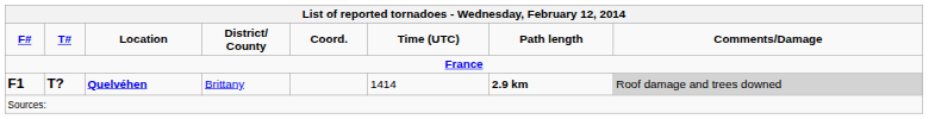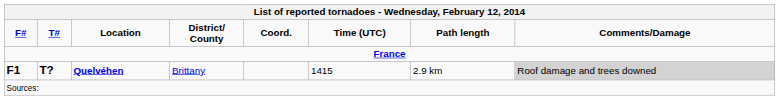 <table class="wikitable collapsible" width="100%">
 <tr>
 <th colspan="8">List of reported tornadoes - Wednesday, February 12, 2014</th>
 </tr>
 <tr>
 <td style="text-align: center;"><strong><a href='#'>F#</a></strong></td>
 <td style="text-align: center;"><strong><a href='#'>T#</a></strong></td>
 <td style="text-align: center;"><strong>Location</strong></td>
 <td style="text-align: center;"><strong>District/<br>County</strong></td>
 <td style="text-align: center;"><strong>Coord.</strong></td>
 <td style="text-align: center;"><strong>Time (UTC)</strong></td>
 <td style="text-align: center;"><strong>Path length</strong></td>
 <td style="text-align: center;"><strong>Comments/Damage</strong></td>
 </tr>
 <tr>
 <td colspan="8" align=center><strong><a href='#'>France</a></strong></td>
 </tr>
 <tr>
 <td><big><strong>F1</strong></big></td>
 <td><big><strong>T?</strong></big></td>
 <td><strong><a href='#'>Quelvéhen</a></strong></td>
 <td><a href='#'>Brittany</a></td>
 <td></td>
-<td>1414</td>
-<td><strong>2.9 km</strong></td>
+<td>1415</td>
+<td>2.9 km</td>
 <td style="background: lightgrey;">Roof damage and trees downed</td>
 </tr>
 <tr>
 <td colspan="8"><small>Sources:</small></td>
 </tr>
 </table>
